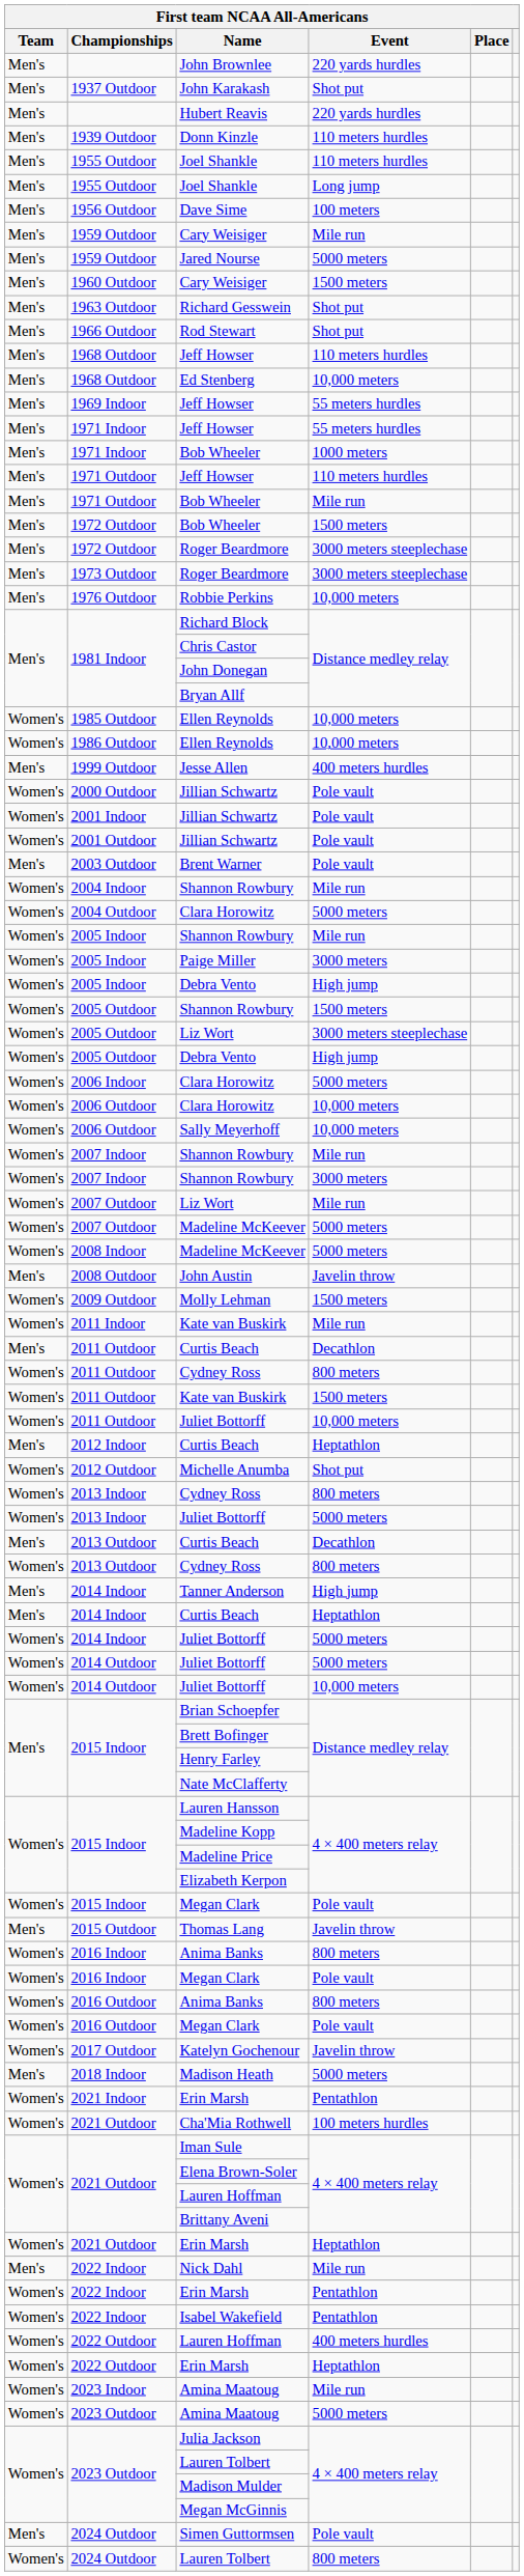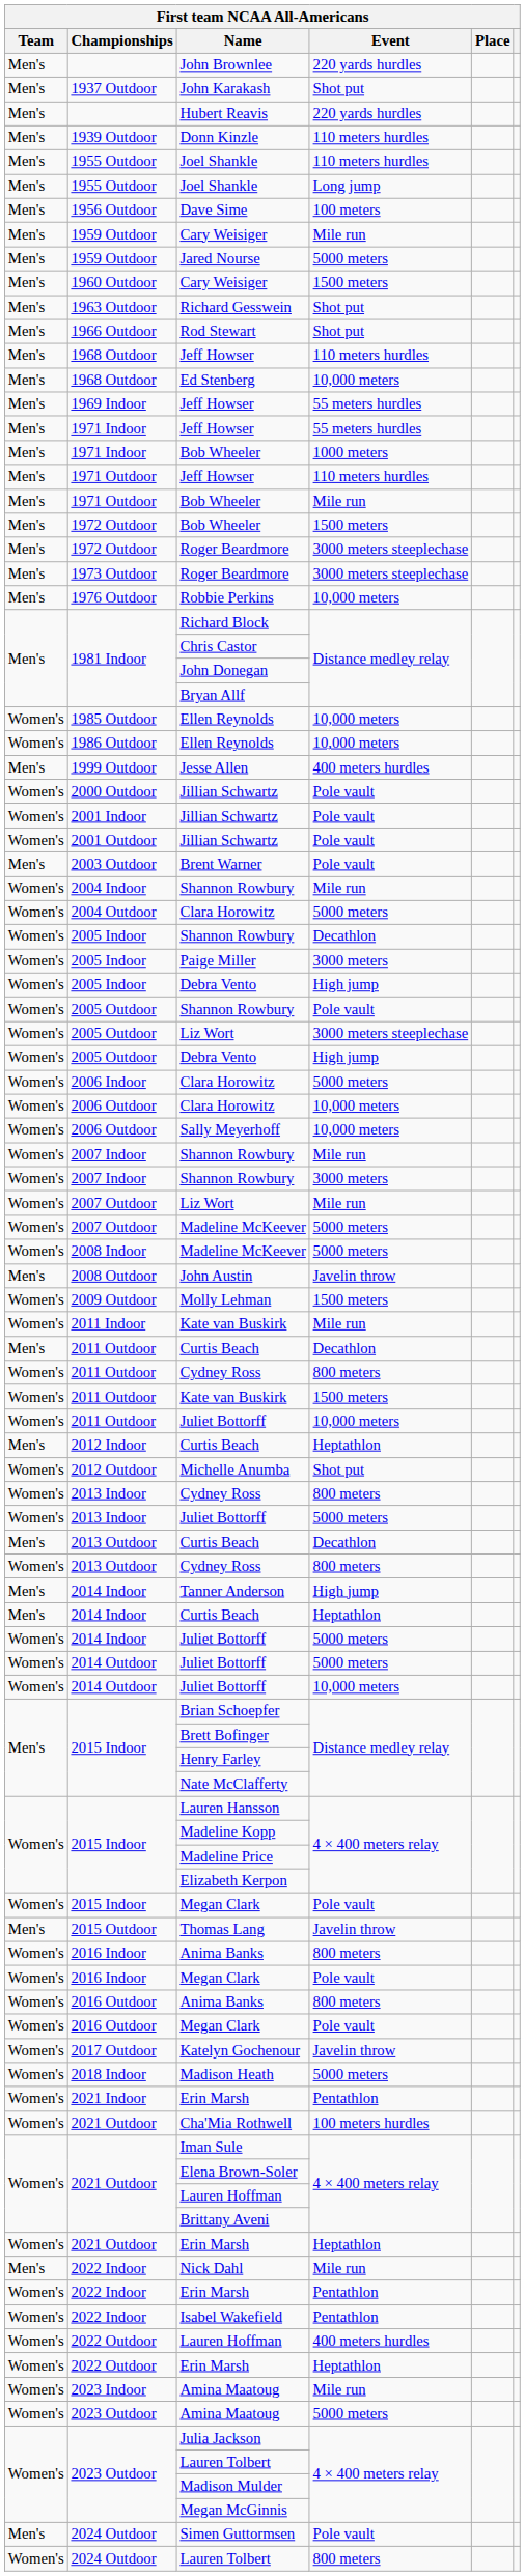 <table class="wikitable sortable">
 <tr>
 <th colspan="6">First team NCAA All-Americans</th>
 </tr>
 <tr>
 <th scope="col">Team</th>
 <th scope="col">Championships</th>
 <th scope="col">Name</th>
 <th scope="col">Event</th>
 <th scope="col">Place</th>
 <th scope="col"></th>
 </tr>
 <tr>
 <td>Men's</td>
 <td></td>
 <td><a href='#'>John Brownlee</a></td>
 <td><a href='#'>220 yards hurdles</a></td>
 <td></td>
 <td></td>
 </tr>
 <tr>
 <td>Men's</td>
 <td><a href='#'>1937 Outdoor</a></td>
 <td><a href='#'>John Karakash</a></td>
 <td><a href='#'>Shot put</a></td>
 <td></td>
 <td></td>
 </tr>
 <tr>
 <td>Men's</td>
 <td></td>
 <td><a href='#'>Hubert Reavis</a></td>
 <td><a href='#'>220 yards hurdles</a></td>
 <td></td>
 <td></td>
 </tr>
 <tr>
 <td>Men's</td>
 <td><a href='#'>1939 Outdoor</a></td>
 <td><a href='#'>Donn Kinzle</a></td>
 <td><a href='#'>110 meters hurdles</a></td>
 <td></td>
 <td></td>
 </tr>
 <tr>
 <td>Men's</td>
 <td><a href='#'>1955 Outdoor</a></td>
 <td><a href='#'>Joel Shankle</a></td>
 <td><a href='#'>110 meters hurdles</a></td>
 <td></td>
 <td></td>
 </tr>
 <tr>
 <td>Men's</td>
 <td><a href='#'>1955 Outdoor</a></td>
 <td><a href='#'>Joel Shankle</a></td>
 <td><a href='#'>Long jump</a></td>
 <td></td>
 <td></td>
 </tr>
 <tr>
 <td>Men's</td>
 <td><a href='#'>1956 Outdoor</a></td>
 <td><a href='#'>Dave Sime</a></td>
 <td><a href='#'>100 meters</a></td>
 <td></td>
 <td></td>
 </tr>
 <tr>
 <td>Men's</td>
 <td><a href='#'>1959 Outdoor</a></td>
 <td><a href='#'>Cary Weisiger</a></td>
 <td><a href='#'>Mile run</a></td>
 <td></td>
 <td></td>
 </tr>
 <tr>
 <td>Men's</td>
 <td><a href='#'>1959 Outdoor</a></td>
 <td><a href='#'>Jared Nourse</a></td>
 <td><a href='#'>5000 meters</a></td>
 <td></td>
 <td></td>
 </tr>
 <tr>
 <td>Men's</td>
 <td><a href='#'>1960 Outdoor</a></td>
 <td><a href='#'>Cary Weisiger</a></td>
 <td><a href='#'>1500 meters</a></td>
 <td></td>
 <td></td>
 </tr>
 <tr>
 <td>Men's</td>
 <td><a href='#'>1963 Outdoor</a></td>
 <td><a href='#'>Richard Gesswein</a></td>
 <td><a href='#'>Shot put</a></td>
 <td></td>
 <td></td>
 </tr>
 <tr>
 <td>Men's</td>
 <td><a href='#'>1966 Outdoor</a></td>
 <td><a href='#'>Rod Stewart</a></td>
 <td><a href='#'>Shot put</a></td>
 <td></td>
 <td></td>
 </tr>
 <tr>
 <td>Men's</td>
 <td><a href='#'>1968 Outdoor</a></td>
 <td><a href='#'>Jeff Howser</a></td>
 <td><a href='#'>110 meters hurdles</a></td>
 <td></td>
 <td></td>
 </tr>
 <tr>
 <td>Men's</td>
 <td><a href='#'>1968 Outdoor</a></td>
 <td><a href='#'>Ed Stenberg</a></td>
 <td><a href='#'>10,000 meters</a></td>
 <td></td>
 <td></td>
 </tr>
 <tr>
 <td>Men's</td>
 <td><a href='#'>1969 Indoor</a></td>
 <td><a href='#'>Jeff Howser</a></td>
 <td><a href='#'>55 meters hurdles</a></td>
 <td></td>
 <td></td>
 </tr>
 <tr>
 <td>Men's</td>
 <td><a href='#'>1971 Indoor</a></td>
 <td><a href='#'>Jeff Howser</a></td>
 <td><a href='#'>55 meters hurdles</a></td>
 <td></td>
 <td></td>
 </tr>
 <tr>
 <td>Men's</td>
 <td><a href='#'>1971 Indoor</a></td>
 <td><a href='#'>Bob Wheeler</a></td>
 <td><a href='#'>1000 meters</a></td>
 <td></td>
 <td></td>
 </tr>
 <tr>
 <td>Men's</td>
 <td><a href='#'>1971 Outdoor</a></td>
 <td><a href='#'>Jeff Howser</a></td>
 <td><a href='#'>110 meters hurdles</a></td>
 <td></td>
 <td></td>
 </tr>
 <tr>
 <td>Men's</td>
 <td><a href='#'>1971 Outdoor</a></td>
 <td><a href='#'>Bob Wheeler</a></td>
 <td><a href='#'>Mile run</a></td>
 <td></td>
 <td></td>
 </tr>
 <tr>
 <td>Men's</td>
 <td><a href='#'>1972 Outdoor</a></td>
 <td><a href='#'>Bob Wheeler</a></td>
 <td><a href='#'>1500 meters</a></td>
 <td></td>
 <td></td>
 </tr>
 <tr>
 <td>Men's</td>
 <td><a href='#'>1972 Outdoor</a></td>
 <td><a href='#'>Roger Beardmore</a></td>
 <td><a href='#'>3000 meters steeplechase</a></td>
 <td></td>
 <td></td>
 </tr>
 <tr>
 <td>Men's</td>
 <td><a href='#'>1973 Outdoor</a></td>
 <td><a href='#'>Roger Beardmore</a></td>
 <td><a href='#'>3000 meters steeplechase</a></td>
 <td></td>
 <td></td>
 </tr>
 <tr>
 <td>Men's</td>
 <td><a href='#'>1976 Outdoor</a></td>
 <td><a href='#'>Robbie Perkins</a></td>
 <td><a href='#'>10,000 meters</a></td>
 <td></td>
 <td></td>
 </tr>
 <tr>
 <td rowspan=4>Men's</td>
 <td rowspan=4><a href='#'>1981 Indoor</a></td>
 <td><a href='#'>Richard Block</a></td>
 <td rowspan=4><a href='#'>Distance medley relay</a></td>
 <td rowspan=4></td>
 <td rowspan=4></td>
 </tr>
 <tr>
 <td><a href='#'>Chris Castor</a></td>
 </tr>
 <tr>
 <td><a href='#'>John Donegan</a></td>
 </tr>
 <tr>
 <td><a href='#'>Bryan Allf</a></td>
 </tr>
 <tr>
 <td>Women's</td>
 <td><a href='#'>1985 Outdoor</a></td>
 <td><a href='#'>Ellen Reynolds</a></td>
 <td><a href='#'>10,000 meters</a></td>
 <td></td>
 <td></td>
 </tr>
 <tr>
 <td>Women's</td>
 <td><a href='#'>1986 Outdoor</a></td>
 <td><a href='#'>Ellen Reynolds</a></td>
 <td><a href='#'>10,000 meters</a></td>
 <td></td>
 <td></td>
 </tr>
 <tr>
 <td>Men's</td>
 <td><a href='#'>1999 Outdoor</a></td>
 <td><a href='#'>Jesse Allen</a></td>
 <td><a href='#'>400 meters hurdles</a></td>
 <td></td>
 <td></td>
 </tr>
 <tr>
 <td>Women's</td>
 <td><a href='#'>2000 Outdoor</a></td>
 <td><a href='#'>Jillian Schwartz</a></td>
 <td><a href='#'>Pole vault</a></td>
 <td></td>
 <td></td>
 </tr>
 <tr>
 <td>Women's</td>
 <td><a href='#'>2001 Indoor</a></td>
 <td><a href='#'>Jillian Schwartz</a></td>
 <td><a href='#'>Pole vault</a></td>
 <td></td>
 <td></td>
 </tr>
 <tr>
 <td>Women's</td>
 <td><a href='#'>2001 Outdoor</a></td>
 <td><a href='#'>Jillian Schwartz</a></td>
 <td><a href='#'>Pole vault</a></td>
 <td></td>
 <td></td>
 </tr>
 <tr>
 <td>Men's</td>
 <td><a href='#'>2003 Outdoor</a></td>
 <td><a href='#'>Brent Warner</a></td>
 <td><a href='#'>Pole vault</a></td>
 <td></td>
 <td></td>
 </tr>
 <tr>
 <td>Women's</td>
 <td><a href='#'>2004 Indoor</a></td>
 <td><a href='#'>Shannon Rowbury</a></td>
 <td><a href='#'>Mile run</a></td>
 <td></td>
 <td></td>
 </tr>
 <tr>
 <td>Women's</td>
 <td><a href='#'>2004 Outdoor</a></td>
 <td><a href='#'>Clara Horowitz</a></td>
 <td><a href='#'>5000 meters</a></td>
 <td></td>
 <td></td>
 </tr>
 <tr>
 <td>Women's</td>
 <td><a href='#'>2005 Indoor</a></td>
 <td><a href='#'>Shannon Rowbury</a></td>
-<td><a href='#'>Mile run</a></td>
+<td><a href='#'>Decathlon</a></td>
 <td></td>
 <td></td>
 </tr>
 <tr>
 <td>Women's</td>
 <td><a href='#'>2005 Indoor</a></td>
 <td><a href='#'>Paige Miller</a></td>
 <td><a href='#'>3000 meters</a></td>
 <td></td>
 <td></td>
 </tr>
 <tr>
 <td>Women's</td>
 <td><a href='#'>2005 Indoor</a></td>
 <td><a href='#'>Debra Vento</a></td>
 <td><a href='#'>High jump</a></td>
 <td></td>
 <td></td>
 </tr>
 <tr>
 <td>Women's</td>
 <td><a href='#'>2005 Outdoor</a></td>
 <td><a href='#'>Shannon Rowbury</a></td>
-<td><a href='#'>1500 meters</a></td>
+<td><a href='#'>Pole vault</a></td>
 <td></td>
 <td></td>
 </tr>
 <tr>
 <td>Women's</td>
 <td><a href='#'>2005 Outdoor</a></td>
 <td><a href='#'>Liz Wort</a></td>
 <td><a href='#'>3000 meters steeplechase</a></td>
 <td></td>
 <td></td>
 </tr>
 <tr>
 <td>Women's</td>
 <td><a href='#'>2005 Outdoor</a></td>
 <td><a href='#'>Debra Vento</a></td>
 <td><a href='#'>High jump</a></td>
 <td></td>
 <td></td>
 </tr>
 <tr>
 <td>Women's</td>
 <td><a href='#'>2006 Indoor</a></td>
 <td><a href='#'>Clara Horowitz</a></td>
 <td><a href='#'>5000 meters</a></td>
 <td></td>
 <td></td>
 </tr>
 <tr>
 <td>Women's</td>
 <td><a href='#'>2006 Outdoor</a></td>
 <td><a href='#'>Clara Horowitz</a></td>
 <td><a href='#'>10,000 meters</a></td>
 <td></td>
 <td></td>
 </tr>
 <tr>
 <td>Women's</td>
 <td><a href='#'>2006 Outdoor</a></td>
 <td><a href='#'>Sally Meyerhoff</a></td>
 <td><a href='#'>10,000 meters</a></td>
 <td></td>
 <td></td>
 </tr>
 <tr>
 <td>Women's</td>
 <td><a href='#'>2007 Indoor</a></td>
 <td><a href='#'>Shannon Rowbury</a></td>
 <td><a href='#'>Mile run</a></td>
 <td></td>
 <td></td>
 </tr>
 <tr>
 <td>Women's</td>
 <td><a href='#'>2007 Indoor</a></td>
 <td><a href='#'>Shannon Rowbury</a></td>
 <td><a href='#'>3000 meters</a></td>
 <td></td>
 <td></td>
 </tr>
 <tr>
 <td>Women's</td>
 <td><a href='#'>2007 Outdoor</a></td>
 <td><a href='#'>Liz Wort</a></td>
 <td><a href='#'>Mile run</a></td>
 <td></td>
 <td></td>
 </tr>
 <tr>
 <td>Women's</td>
 <td><a href='#'>2007 Outdoor</a></td>
 <td><a href='#'>Madeline McKeever</a></td>
 <td><a href='#'>5000 meters</a></td>
 <td></td>
 <td></td>
 </tr>
 <tr>
 <td>Women's</td>
 <td><a href='#'>2008 Indoor</a></td>
 <td><a href='#'>Madeline McKeever</a></td>
 <td><a href='#'>5000 meters</a></td>
 <td></td>
 <td></td>
 </tr>
 <tr>
 <td>Men's</td>
 <td><a href='#'>2008 Outdoor</a></td>
 <td><a href='#'>John Austin</a></td>
 <td><a href='#'>Javelin throw</a></td>
 <td></td>
 <td></td>
 </tr>
 <tr>
 <td>Women's</td>
 <td><a href='#'>2009 Outdoor</a></td>
 <td><a href='#'>Molly Lehman</a></td>
 <td><a href='#'>1500 meters</a></td>
 <td></td>
 <td></td>
 </tr>
 <tr>
 <td>Women's</td>
 <td><a href='#'>2011 Indoor</a></td>
 <td><a href='#'>Kate van Buskirk</a></td>
 <td><a href='#'>Mile run</a></td>
 <td></td>
 <td></td>
 </tr>
 <tr>
 <td>Men's</td>
 <td><a href='#'>2011 Outdoor</a></td>
 <td><a href='#'>Curtis Beach</a></td>
 <td><a href='#'>Decathlon</a></td>
 <td></td>
 <td></td>
 </tr>
 <tr>
 <td>Women's</td>
 <td><a href='#'>2011 Outdoor</a></td>
 <td><a href='#'>Cydney Ross</a></td>
 <td><a href='#'>800 meters</a></td>
 <td></td>
 <td></td>
 </tr>
 <tr>
 <td>Women's</td>
 <td><a href='#'>2011 Outdoor</a></td>
 <td><a href='#'>Kate van Buskirk</a></td>
 <td><a href='#'>1500 meters</a></td>
 <td></td>
 <td></td>
 </tr>
 <tr>
 <td>Women's</td>
 <td><a href='#'>2011 Outdoor</a></td>
 <td><a href='#'>Juliet Bottorff</a></td>
 <td><a href='#'>10,000 meters</a></td>
 <td></td>
 <td></td>
 </tr>
 <tr>
 <td>Men's</td>
 <td><a href='#'>2012 Indoor</a></td>
 <td><a href='#'>Curtis Beach</a></td>
 <td><a href='#'>Heptathlon</a></td>
 <td></td>
 <td></td>
 </tr>
 <tr>
 <td>Women's</td>
 <td><a href='#'>2012 Outdoor</a></td>
 <td><a href='#'>Michelle Anumba</a></td>
 <td><a href='#'>Shot put</a></td>
 <td></td>
 <td></td>
 </tr>
 <tr>
 <td>Women's</td>
 <td><a href='#'>2013 Indoor</a></td>
 <td><a href='#'>Cydney Ross</a></td>
 <td><a href='#'>800 meters</a></td>
 <td></td>
 <td></td>
 </tr>
 <tr>
 <td>Women's</td>
 <td><a href='#'>2013 Indoor</a></td>
 <td><a href='#'>Juliet Bottorff</a></td>
 <td><a href='#'>5000 meters</a></td>
 <td></td>
 <td></td>
 </tr>
 <tr>
 <td>Men's</td>
 <td><a href='#'>2013 Outdoor</a></td>
 <td><a href='#'>Curtis Beach</a></td>
 <td><a href='#'>Decathlon</a></td>
 <td></td>
 <td></td>
 </tr>
 <tr>
 <td>Women's</td>
 <td><a href='#'>2013 Outdoor</a></td>
 <td><a href='#'>Cydney Ross</a></td>
 <td><a href='#'>800 meters</a></td>
 <td></td>
 <td></td>
 </tr>
 <tr>
 <td>Men's</td>
 <td><a href='#'>2014 Indoor</a></td>
 <td><a href='#'>Tanner Anderson</a></td>
 <td><a href='#'>High jump</a></td>
 <td></td>
 <td></td>
 </tr>
 <tr>
 <td>Men's</td>
 <td><a href='#'>2014 Indoor</a></td>
 <td><a href='#'>Curtis Beach</a></td>
 <td><a href='#'>Heptathlon</a></td>
 <td></td>
 <td></td>
 </tr>
 <tr>
 <td>Women's</td>
 <td><a href='#'>2014 Indoor</a></td>
 <td><a href='#'>Juliet Bottorff</a></td>
 <td><a href='#'>5000 meters</a></td>
 <td></td>
 <td></td>
 </tr>
 <tr>
 <td>Women's</td>
 <td><a href='#'>2014 Outdoor</a></td>
 <td><a href='#'>Juliet Bottorff</a></td>
 <td><a href='#'>5000 meters</a></td>
 <td></td>
 <td></td>
 </tr>
 <tr>
 <td>Women's</td>
 <td><a href='#'>2014 Outdoor</a></td>
 <td><a href='#'>Juliet Bottorff</a></td>
 <td><a href='#'>10,000 meters</a></td>
 <td></td>
 <td></td>
 </tr>
 <tr>
 <td rowspan=4>Men's</td>
 <td rowspan=4><a href='#'>2015 Indoor</a></td>
 <td><a href='#'>Brian Schoepfer</a></td>
 <td rowspan=4><a href='#'>Distance medley relay</a></td>
 <td rowspan=4></td>
 <td rowspan=4></td>
 </tr>
 <tr>
 <td><a href='#'>Brett Bofinger</a></td>
 </tr>
 <tr>
 <td><a href='#'>Henry Farley</a></td>
 </tr>
 <tr>
 <td><a href='#'>Nate McClafferty</a></td>
 </tr>
 <tr>
 <td rowspan=4>Women's</td>
 <td rowspan=4><a href='#'>2015 Indoor</a></td>
 <td><a href='#'>Lauren Hansson</a></td>
 <td rowspan=4><a href='#'>4 × 400 meters relay</a></td>
 <td rowspan=4></td>
 <td rowspan=4></td>
 </tr>
 <tr>
 <td><a href='#'>Madeline Kopp</a></td>
 </tr>
 <tr>
 <td><a href='#'>Madeline Price</a></td>
 </tr>
 <tr>
 <td><a href='#'>Elizabeth Kerpon</a></td>
 </tr>
 <tr>
 <td>Women's</td>
 <td><a href='#'>2015 Indoor</a></td>
 <td><a href='#'>Megan Clark</a></td>
 <td><a href='#'>Pole vault</a></td>
 <td></td>
 <td></td>
 </tr>
 <tr>
 <td>Men's</td>
 <td><a href='#'>2015 Outdoor</a></td>
 <td><a href='#'>Thomas Lang</a></td>
 <td><a href='#'>Javelin throw</a></td>
 <td></td>
 <td></td>
 </tr>
 <tr>
 <td>Women's</td>
 <td><a href='#'>2016 Indoor</a></td>
 <td><a href='#'>Anima Banks</a></td>
 <td><a href='#'>800 meters</a></td>
 <td></td>
 <td></td>
 </tr>
 <tr>
 <td>Women's</td>
 <td><a href='#'>2016 Indoor</a></td>
 <td><a href='#'>Megan Clark</a></td>
 <td><a href='#'>Pole vault</a></td>
 <td></td>
 <td></td>
 </tr>
 <tr>
 <td>Women's</td>
 <td><a href='#'>2016 Outdoor</a></td>
 <td><a href='#'>Anima Banks</a></td>
 <td><a href='#'>800 meters</a></td>
 <td></td>
 <td></td>
 </tr>
 <tr>
 <td>Women's</td>
 <td><a href='#'>2016 Outdoor</a></td>
 <td><a href='#'>Megan Clark</a></td>
 <td><a href='#'>Pole vault</a></td>
 <td></td>
 <td></td>
 </tr>
 <tr>
 <td>Women's</td>
 <td><a href='#'>2017 Outdoor</a></td>
 <td><a href='#'>Katelyn Gochenour</a></td>
 <td><a href='#'>Javelin throw</a></td>
 <td></td>
 <td></td>
 </tr>
 <tr>
-<td>Men's</td>
+<td>Women's</td>
 <td><a href='#'>2018 Indoor</a></td>
 <td><a href='#'>Madison Heath</a></td>
 <td><a href='#'>5000 meters</a></td>
 <td></td>
 <td></td>
 </tr>
 <tr>
 <td>Women's</td>
 <td><a href='#'>2021 Indoor</a></td>
 <td><a href='#'>Erin Marsh</a></td>
 <td><a href='#'>Pentathlon</a></td>
 <td></td>
 <td></td>
 </tr>
 <tr>
 <td>Women's</td>
 <td><a href='#'>2021 Outdoor</a></td>
 <td><a href='#'>Cha'Mia Rothwell</a></td>
 <td><a href='#'>100 meters hurdles</a></td>
 <td></td>
 <td></td>
 </tr>
 <tr>
 <td rowspan=4>Women's</td>
 <td rowspan=4><a href='#'>2021 Outdoor</a></td>
 <td><a href='#'>Iman Sule</a></td>
 <td rowspan=4><a href='#'>4 × 400 meters relay</a></td>
 <td rowspan=4></td>
 <td rowspan=4></td>
 </tr>
 <tr>
 <td><a href='#'>Elena Brown-Soler</a></td>
 </tr>
 <tr>
 <td><a href='#'>Lauren Hoffman</a></td>
 </tr>
 <tr>
 <td><a href='#'>Brittany Aveni</a></td>
 </tr>
 <tr>
 <td>Women's</td>
 <td><a href='#'>2021 Outdoor</a></td>
 <td><a href='#'>Erin Marsh</a></td>
 <td><a href='#'>Heptathlon</a></td>
 <td></td>
 <td></td>
 </tr>
 <tr>
 <td>Men's</td>
 <td><a href='#'>2022 Indoor</a></td>
 <td><a href='#'>Nick Dahl</a></td>
 <td><a href='#'>Mile run</a></td>
 <td></td>
 <td></td>
 </tr>
 <tr>
 <td>Women's</td>
 <td><a href='#'>2022 Indoor</a></td>
 <td><a href='#'>Erin Marsh</a></td>
 <td><a href='#'>Pentathlon</a></td>
 <td></td>
 <td></td>
 </tr>
 <tr>
 <td>Women's</td>
 <td><a href='#'>2022 Indoor</a></td>
 <td><a href='#'>Isabel Wakefield</a></td>
 <td><a href='#'>Pentathlon</a></td>
 <td></td>
 <td></td>
 </tr>
 <tr>
 <td>Women's</td>
 <td><a href='#'>2022 Outdoor</a></td>
 <td><a href='#'>Lauren Hoffman</a></td>
 <td><a href='#'>400 meters hurdles</a></td>
 <td></td>
 <td></td>
 </tr>
 <tr>
 <td>Women's</td>
 <td><a href='#'>2022 Outdoor</a></td>
 <td><a href='#'>Erin Marsh</a></td>
 <td><a href='#'>Heptathlon</a></td>
 <td></td>
 <td></td>
 </tr>
 <tr>
 <td>Women's</td>
 <td><a href='#'>2023 Indoor</a></td>
 <td><a href='#'>Amina Maatoug</a></td>
 <td><a href='#'>Mile run</a></td>
 <td></td>
 <td></td>
 </tr>
 <tr>
 <td>Women's</td>
 <td><a href='#'>2023 Outdoor</a></td>
 <td><a href='#'>Amina Maatoug</a></td>
 <td><a href='#'>5000 meters</a></td>
 <td></td>
 <td></td>
 </tr>
 <tr>
 <td rowspan=4>Women's</td>
 <td rowspan=4><a href='#'>2023 Outdoor</a></td>
 <td><a href='#'>Julia Jackson</a></td>
 <td rowspan=4><a href='#'>4 × 400 meters relay</a></td>
 <td rowspan=4></td>
 <td rowspan=4></td>
 </tr>
 <tr>
 <td><a href='#'>Lauren Tolbert</a></td>
 </tr>
 <tr>
 <td><a href='#'>Madison Mulder</a></td>
 </tr>
 <tr>
 <td><a href='#'>Megan McGinnis</a></td>
 </tr>
 <tr>
 <td>Men's</td>
 <td><a href='#'>2024 Outdoor</a></td>
 <td><a href='#'>Simen Guttormsen</a></td>
 <td><a href='#'>Pole vault</a></td>
 <td></td>
 <td></td>
 </tr>
 <tr>
 <td>Women's</td>
 <td><a href='#'>2024 Outdoor</a></td>
 <td><a href='#'>Lauren Tolbert</a></td>
 <td><a href='#'>800 meters</a></td>
 <td></td>
 <td></td>
 </tr>
 </table>
